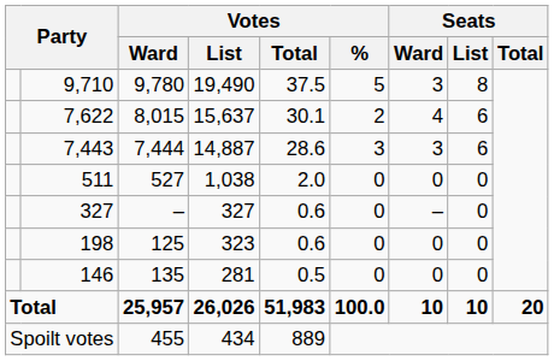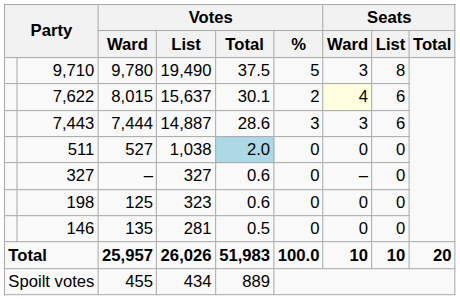 <table class=wikitable style="text-align:right">
 <tr>
 <th rowspan="2" colspan="2">Party</th>
 <th colspan="4" align="center">Votes</th>
 <th colspan="3" align="center">Seats</th>
 </tr>
 <tr>
 <th>Ward</th>
 <th>List</th>
 <th>Total</th>
 <th>%</th>
 <th>Ward</th>
 <th>List</th>
 <th>Total</th>
 </tr>
 <tr>
 <td></td>
 <td>9,710</td>
 <td>9,780</td>
 <td>19,490</td>
 <td>37.5</td>
 <td>5</td>
 <td>3</td>
 <td>8</td>
 </tr>
 <tr>
 <td></td>
 <td>7,622</td>
 <td>8,015</td>
 <td>15,637</td>
 <td>30.1</td>
 <td>2</td>
-<td>4</td>
+<td style="background: lightyellow;">4</td>
 <td>6</td>
 </tr>
 <tr>
 <td></td>
 <td>7,443</td>
 <td>7,444</td>
 <td>14,887</td>
 <td>28.6</td>
 <td>3</td>
 <td>3</td>
 <td>6</td>
 </tr>
 <tr>
 <td></td>
 <td>511</td>
 <td>527</td>
 <td>1,038</td>
-<td>2.0</td>
+<td style="background: lightblue;">2.0</td>
 <td>0</td>
 <td>0</td>
 <td>0</td>
 </tr>
 <tr>
 <td></td>
 <td>327</td>
 <td>–</td>
 <td>327</td>
 <td>0.6</td>
 <td>0</td>
 <td>–</td>
 <td>0</td>
 </tr>
 <tr>
 <td></td>
 <td>198</td>
 <td>125</td>
 <td>323</td>
 <td>0.6</td>
 <td>0</td>
 <td>0</td>
 <td>0</td>
 </tr>
 <tr>
 <td></td>
 <td>146</td>
 <td>135</td>
 <td>281</td>
 <td>0.5</td>
 <td>0</td>
 <td>0</td>
 <td>0</td>
 </tr>
 <tr>
 <td colspan="2" style="text-align:left"><strong>Total</strong></td>
 <td><strong>25,957</strong></td>
 <td><strong>26,026</strong></td>
 <td><strong>51,983</strong></td>
 <td><strong>100.0</strong></td>
 <td><strong>10</strong></td>
 <td><strong>10</strong></td>
 <td><strong>20</strong></td>
 </tr>
 <tr>
 <td colspan="2" style="text-align:left">Spoilt votes</td>
 <td>455</td>
 <td>434</td>
 <td>889</td>
 </tr>
 </table>
